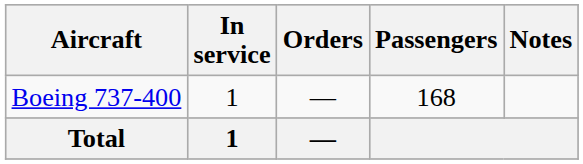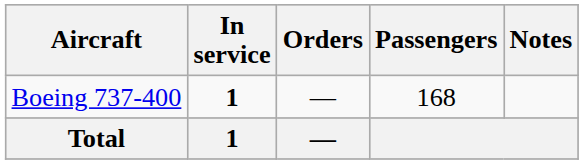 <table class="wikitable" style="border-collapse:collapse;margin:1em auto;">
 <tr>
 <th>Aircraft</th>
 <th>In<br>service</th>
 <th>Orders</th>
 <th>Passengers</th>
 <th>Notes</th>
 </tr>
 <tr>
 <td><a href='#'>Boeing 737-400</a></td>
-<td align="center">1</td>
+<td align="center"><strong>1</strong></td>
 <td align="center">—</td>
 <td align="center">168</td>
 <td></td>
 </tr>
 <tr>
 <th>Total</th>
 <th>1</th>
 <th>—</th>
 <th colspan="2"></th>
 </tr>
 </table>
